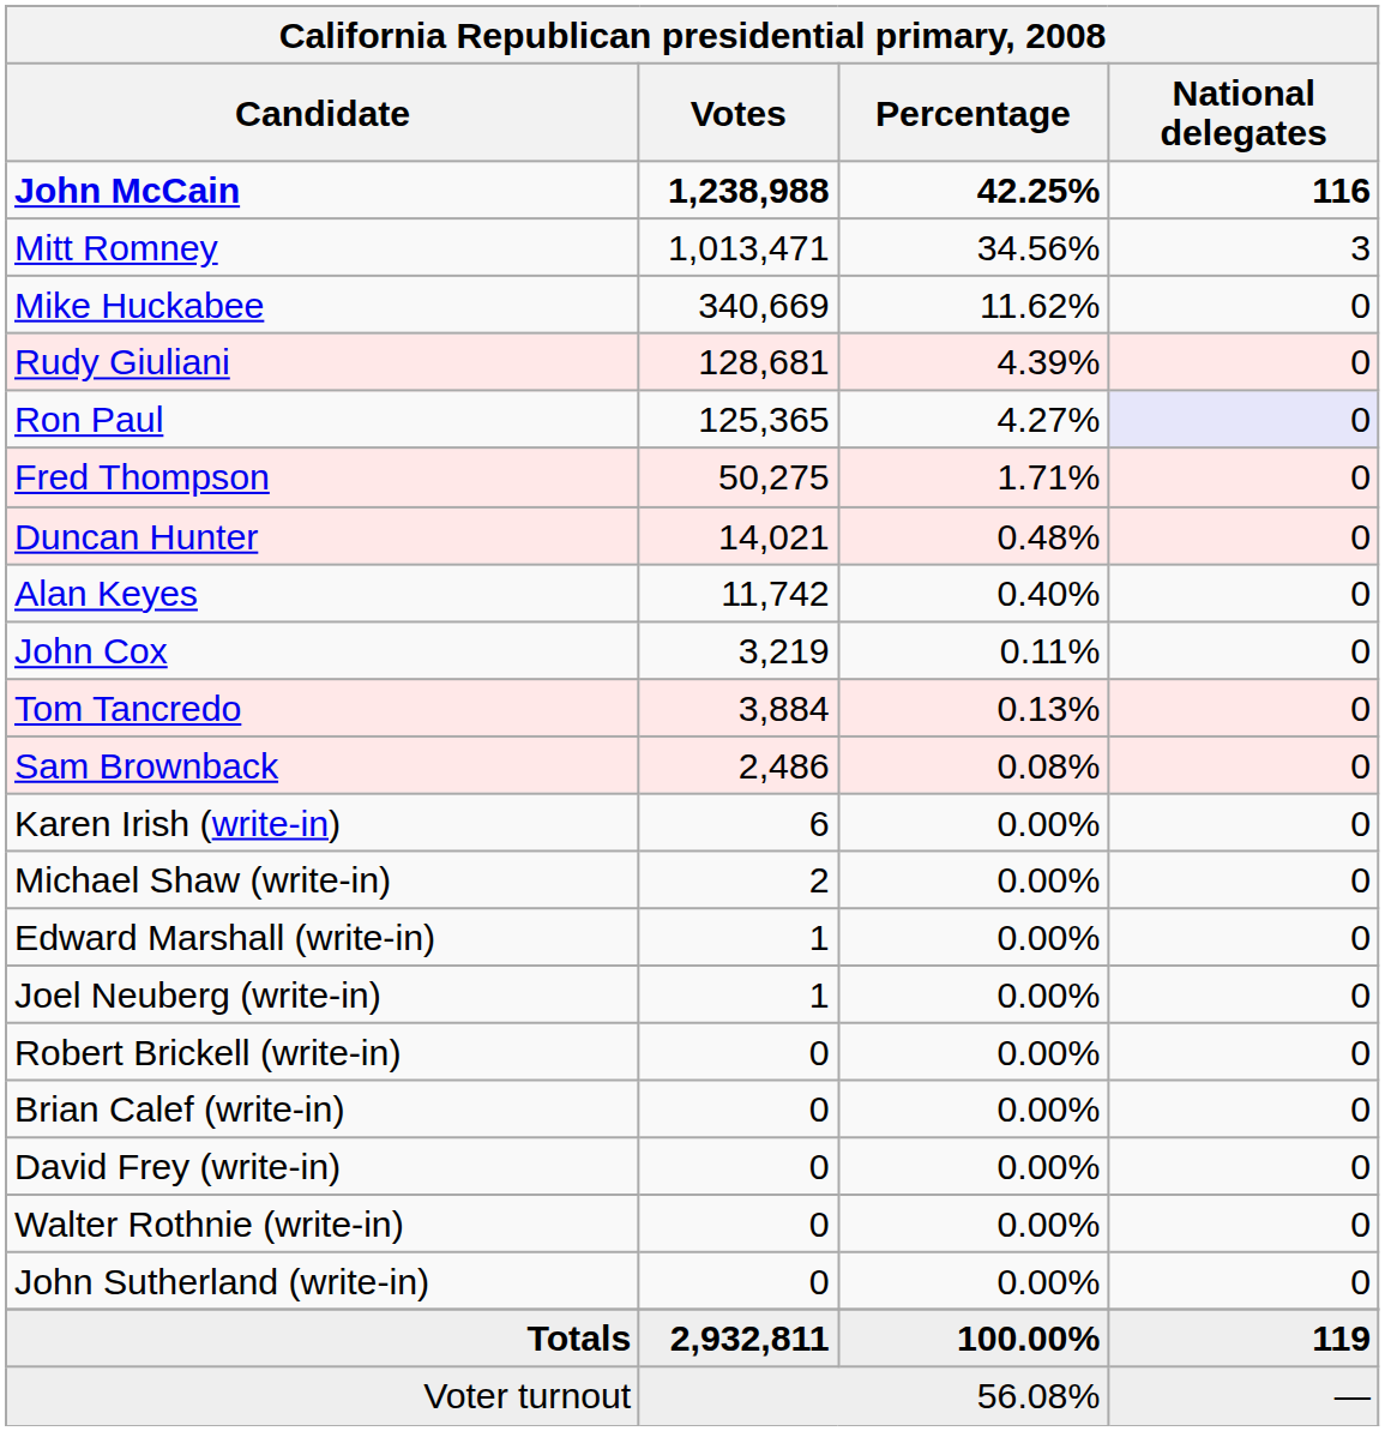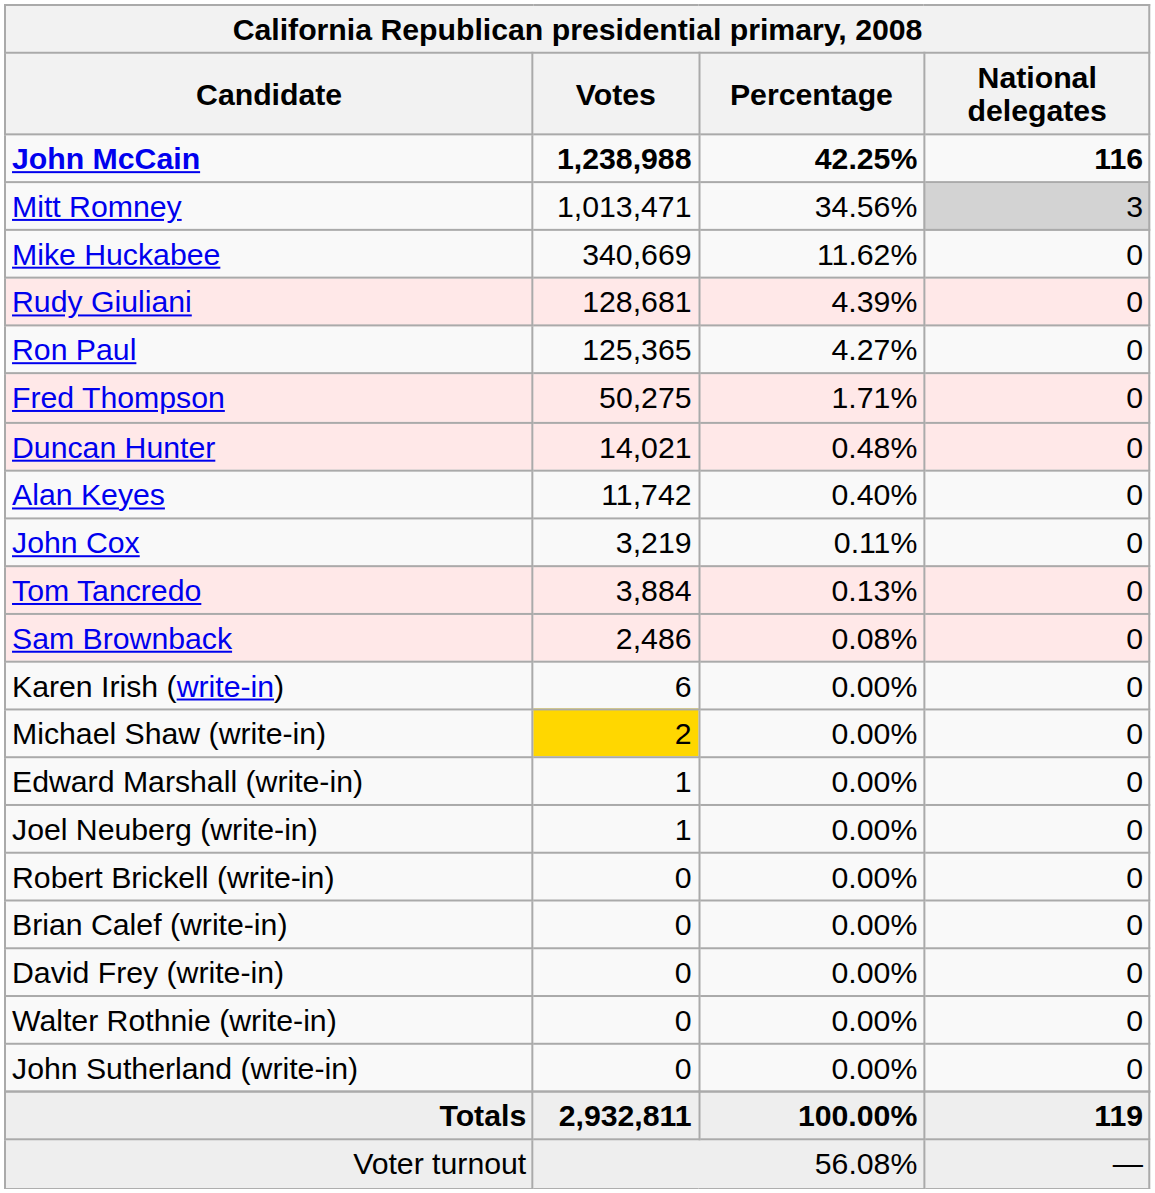 <table class="wikitable" style="font-size: 95%;">
 <tr>
 <th colspan="4">California Republican presidential primary, 2008</th>
 </tr>
 <tr>
 <th style="width: 17em">Candidate</th>
 <th style="width: 5em">Votes</th>
 <th style="width: 7em">Percentage</th>
 <th style="width: 7em">National delegates</th>
 </tr>
 <tr>
 <td><strong><a href='#'>John McCain</a></strong></td>
 <td align="right"><strong>1,238,988</strong></td>
 <td align="right"><strong>42.25%</strong></td>
 <td align="right"><strong>116</strong></td>
 </tr>
 <tr>
 <td><a href='#'>Mitt Romney</a></td>
 <td align="right">1,013,471</td>
 <td align="right">34.56%</td>
-<td align="right">3</td>
+<td align="right" style="background: lightgrey;">3</td>
 </tr>
 <tr>
 <td><a href='#'>Mike Huckabee</a></td>
 <td align="right">340,669</td>
 <td align="right">11.62%</td>
 <td align="right">0</td>
 </tr>
 <tr bgcolor=#FFE8E8>
 <td><a href='#'>Rudy Giuliani</a></td>
 <td align="right">128,681</td>
 <td align="right">4.39%</td>
 <td align="right">0</td>
 </tr>
 <tr>
 <td><a href='#'>Ron Paul</a></td>
 <td align="right">125,365</td>
 <td align="right">4.27%</td>
-<td align="right" style="background: lavender;">0</td>
+<td align="right">0</td>
 </tr>
 <tr bgcolor=#FFE8E8>
 <td><a href='#'>Fred Thompson</a></td>
 <td align="right">50,275</td>
 <td align="right">1.71%</td>
 <td align="right">0</td>
 </tr>
 <tr bgcolor=#FFE8E8>
 <td><a href='#'>Duncan Hunter</a></td>
 <td align="right">14,021</td>
 <td align="right">0.48%</td>
 <td align="right">0</td>
 </tr>
 <tr>
 <td><a href='#'>Alan Keyes</a></td>
 <td align="right">11,742</td>
 <td align="right">0.40%</td>
 <td align="right">0</td>
 </tr>
 <tr>
 <td><a href='#'>John Cox</a></td>
 <td align="right">3,219</td>
 <td align="right">0.11%</td>
 <td align="right">0</td>
 </tr>
 <tr bgcolor=#FFE8E8>
 <td><a href='#'>Tom Tancredo</a></td>
 <td align="right">3,884</td>
 <td align="right">0.13%</td>
 <td align="right">0</td>
 </tr>
 <tr bgcolor=#FFE8E8>
 <td><a href='#'>Sam Brownback</a></td>
 <td align="right">2,486</td>
 <td align="right">0.08%</td>
 <td align="right">0</td>
 </tr>
 <tr>
 <td>Karen Irish (<a href='#'>write-in</a>)</td>
 <td align="right">6</td>
 <td align="right">0.00%</td>
 <td align="right">0</td>
 </tr>
 <tr>
 <td>Michael Shaw (write-in)</td>
-<td align="right">2</td>
+<td align="right" style="background: gold;">2</td>
 <td align="right">0.00%</td>
 <td align="right">0</td>
 </tr>
 <tr>
 <td>Edward Marshall (write-in)</td>
 <td align="right">1</td>
 <td align="right">0.00%</td>
 <td align="right">0</td>
 </tr>
 <tr>
 <td>Joel Neuberg (write-in)</td>
 <td align="right">1</td>
 <td align="right">0.00%</td>
 <td align="right">0</td>
 </tr>
 <tr>
 <td>Robert Brickell (write-in)</td>
 <td align="right">0</td>
 <td align="right">0.00%</td>
 <td align="right">0</td>
 </tr>
 <tr>
 <td>Brian Calef (write-in)</td>
 <td align="right">0</td>
 <td align="right">0.00%</td>
 <td align="right">0</td>
 </tr>
 <tr>
 <td>David Frey (write-in)</td>
 <td align="right">0</td>
 <td align="right">0.00%</td>
 <td align="right">0</td>
 </tr>
 <tr>
 <td>Walter Rothnie (write-in)</td>
 <td align="right">0</td>
 <td align="right">0.00%</td>
 <td align="right">0</td>
 </tr>
 <tr>
 <td>John Sutherland (write-in)</td>
 <td align="right">0</td>
 <td align="right">0.00%</td>
 <td align="right">0</td>
 </tr>
 <tr>
 </tr>
 <tr bgcolor="#EEEEEE">
 <td align="right"><strong>Totals</strong></td>
 <td align="right"><strong>2,932,811</strong></td>
 <td align="right"><strong>100.00%</strong></td>
 <td align="right"><strong>119</strong></td>
 </tr>
 <tr bgcolor="#EEEEEE">
 <td align="right">Voter turnout</td>
 <td colspan="2" align="right">56.08%</td>
 <td align="right">—</td>
 </tr>
 </table>
